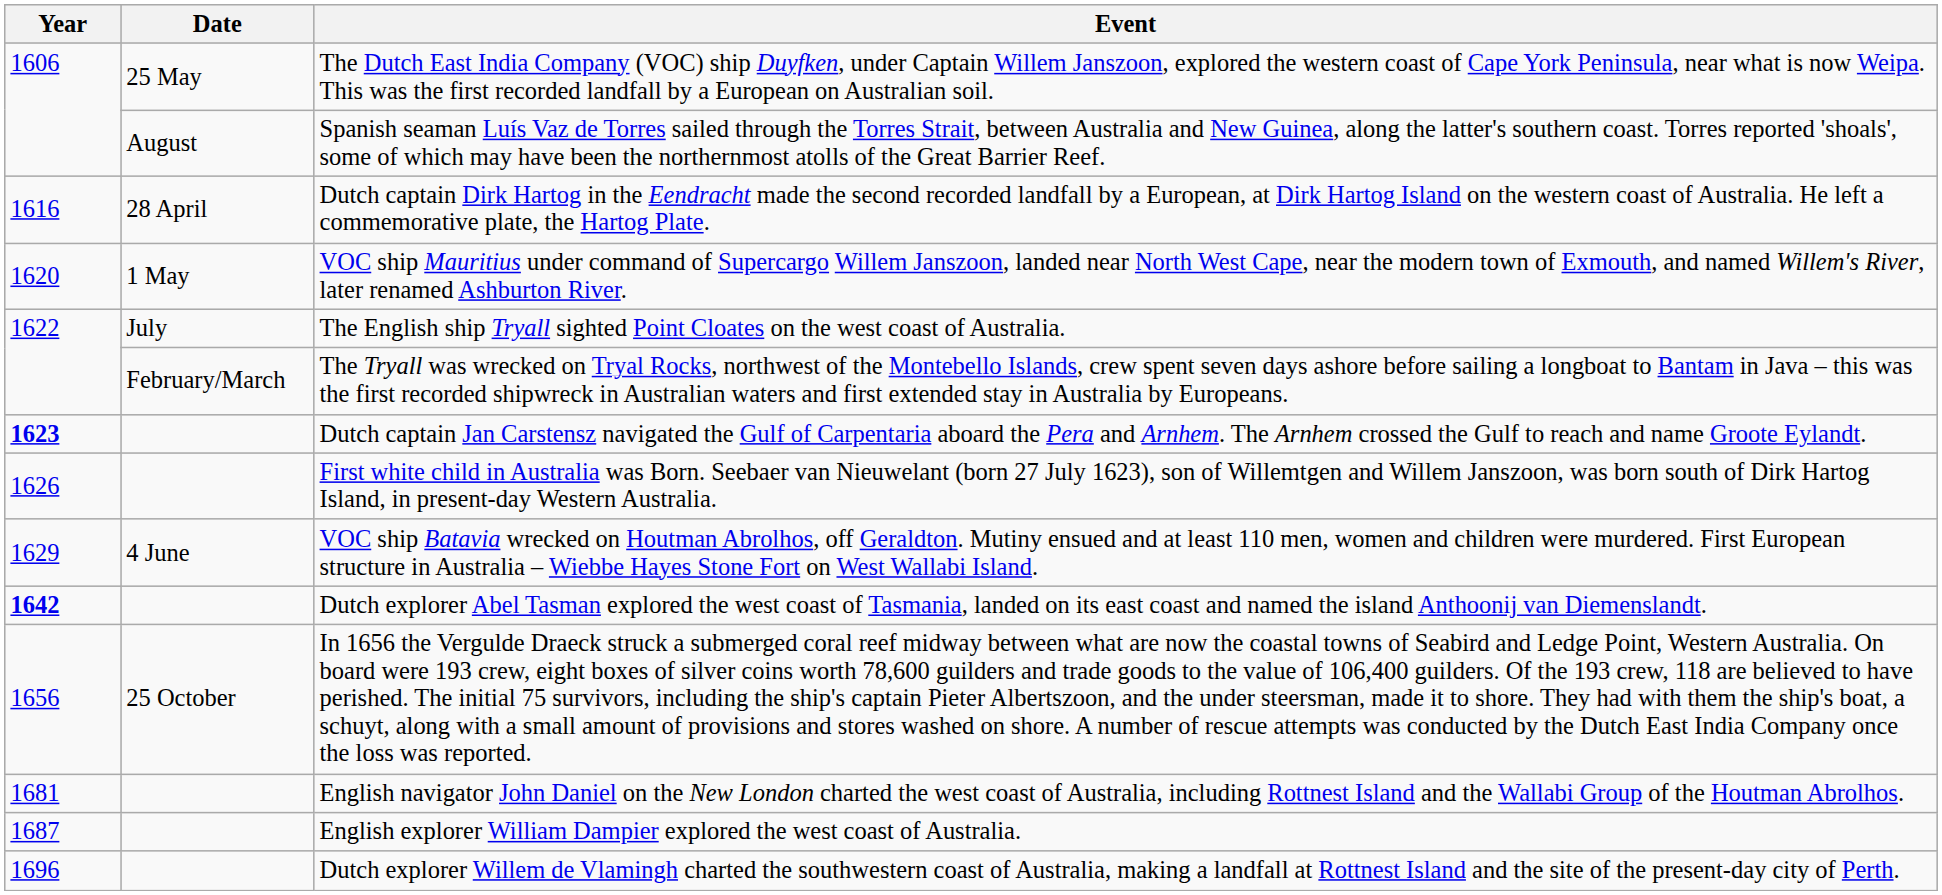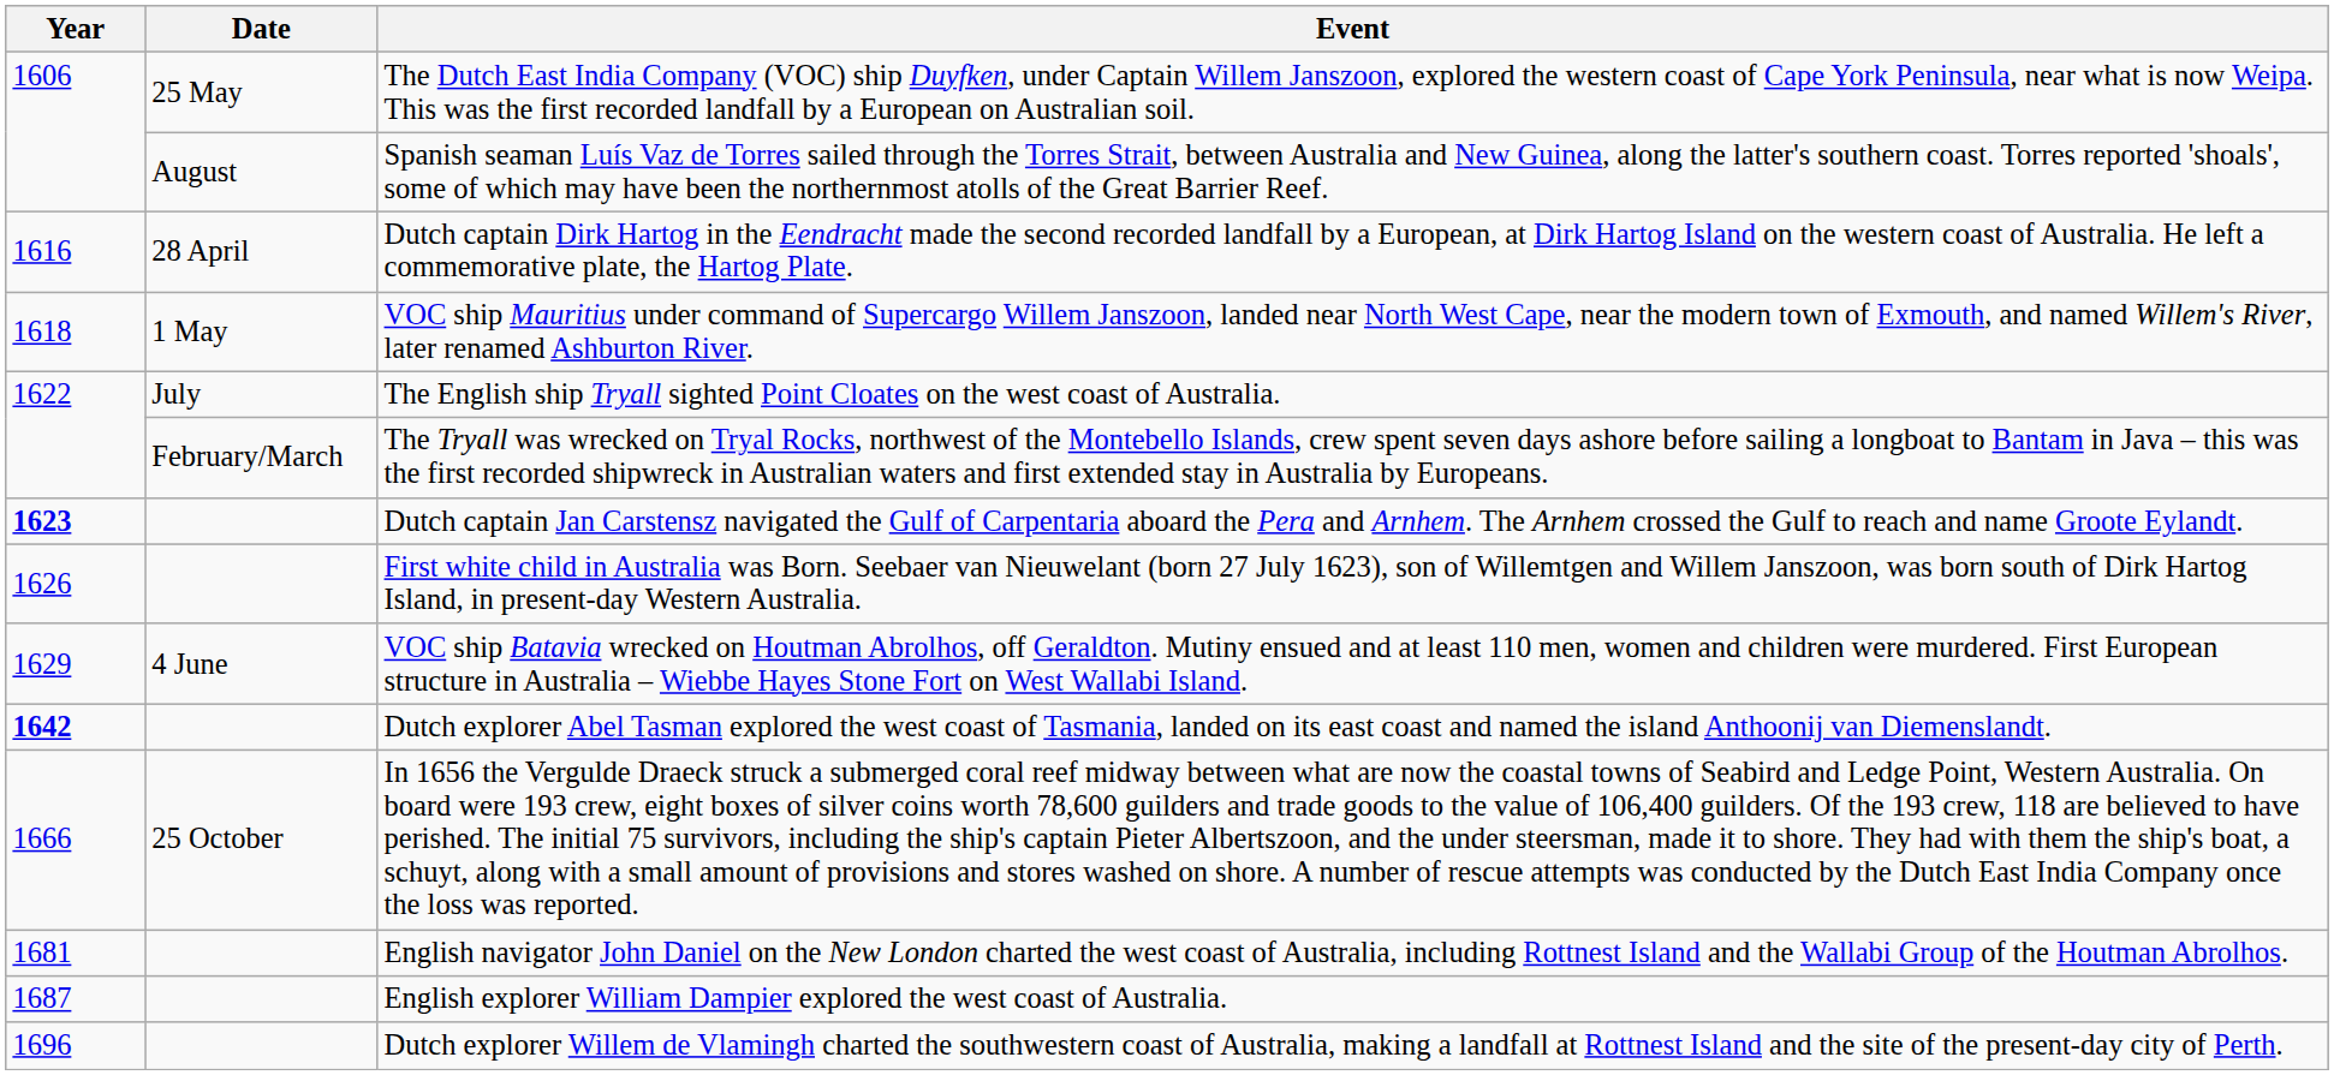 <table class="wikitable" style="width:100%;">
 <tr>
 <th style="width:6%">Year</th>
 <th style="width:10%">Date</th>
 <th>Event</th>
 </tr>
 <tr>
 <td rowspan="2" style="vertical-align:top;"><a href='#'>1606</a></td>
 <td>25 May</td>
 <td>The <a href='#'>Dutch East India Company</a> (VOC) ship <em><a href='#'>Duyfken</a></em>, under Captain <a href='#'>Willem Janszoon</a>, explored the western coast of <a href='#'>Cape York Peninsula</a>, near what is now <a href='#'>Weipa</a>. This was the first recorded landfall by a European on Australian soil.</td>
 </tr>
 <tr>
 <td>August</td>
 <td>Spanish seaman <a href='#'>Luís Vaz de Torres</a> sailed through the <a href='#'>Torres Strait</a>, between Australia and <a href='#'>New Guinea</a>, along the latter's southern coast. Torres reported 'shoals', some of which may have been the northernmost atolls of the Great Barrier Reef.</td>
 </tr>
 <tr>
 <td><a href='#'>1616</a></td>
 <td>28 April</td>
 <td>Dutch captain <a href='#'>Dirk Hartog</a> in the <em><a href='#'>Eendracht</a></em> made the second recorded landfall by a European, at <a href='#'>Dirk Hartog Island</a> on the western coast of Australia. He left a commemorative plate, the <a href='#'>Hartog Plate</a>.</td>
 </tr>
 <tr>
-<td><a href='#'>1620</a></td>
+<td><a href='#'>1618</a></td>
 <td>1 May</td>
 <td><a href='#'>VOC</a> ship <em><a href='#'>Mauritius</a></em> under command of <a href='#'>Supercargo</a> <a href='#'>Willem Janszoon</a>, landed near <a href='#'>North West Cape</a>, near the modern town of <a href='#'>Exmouth</a>, and named <em>Willem's River</em>, later renamed <a href='#'>Ashburton River</a>.</td>
 </tr>
 <tr>
 <td rowspan="2" style="vertical-align:top;"><a href='#'>1622</a></td>
 <td>July</td>
 <td>The English ship <em><a href='#'>Tryall</a></em> sighted <a href='#'>Point Cloates</a> on the west coast of Australia.</td>
 </tr>
 <tr>
 <td>February/March</td>
 <td>The <em>Tryall</em> was wrecked on <a href='#'>Tryal Rocks</a>, northwest of the <a href='#'>Montebello Islands</a>, crew spent seven days ashore before sailing a longboat to <a href='#'>Bantam</a> in Java  – this was the first recorded shipwreck in Australian waters and first extended stay in Australia by Europeans.</td>
 </tr>
 <tr>
 <td><strong><a href='#'>1623</a></strong></td>
 <td></td>
 <td>Dutch captain <a href='#'>Jan Carstensz</a> navigated the <a href='#'>Gulf of Carpentaria</a> aboard the <em><a href='#'>Pera</a></em> and <em><a href='#'>Arnhem</a></em>. The <em>Arnhem</em> crossed the Gulf to reach and name <a href='#'>Groote Eylandt</a>.</td>
 </tr>
 <tr>
 <td><a href='#'>1626</a></td>
 <td></td>
 <td><a href='#'>First white child in Australia</a> was Born. Seebaer van Nieuwelant (born 27 July 1623), son of Willemtgen and Willem Janszoon, was born south of Dirk Hartog Island, in present-day Western Australia.</td>
 </tr>
 <tr>
 <td><a href='#'>1629</a></td>
 <td>4 June</td>
 <td><a href='#'>VOC</a> ship <em><a href='#'>Batavia</a></em> wrecked on <a href='#'>Houtman Abrolhos</a>, off <a href='#'>Geraldton</a>. Mutiny ensued and at least 110 men, women and children were murdered. First European structure in Australia – <a href='#'>Wiebbe Hayes Stone Fort</a> on <a href='#'>West Wallabi Island</a>.</td>
 </tr>
 <tr>
 <td><strong><a href='#'>1642</a></strong></td>
 <td></td>
 <td>Dutch explorer <a href='#'>Abel Tasman</a> explored the west coast of <a href='#'>Tasmania</a>, landed on its east coast and named the island <a href='#'>Anthoonij van Diemenslandt</a>.</td>
 </tr>
 <tr>
-<td><a href='#'>1656</a></td>
+<td><a href='#'>1666</a></td>
 <td>25 October</td>
 <td>In 1656 the Vergulde Draeck struck a submerged coral reef midway between what are now the coastal towns of Seabird and Ledge Point, Western Australia. On board were 193 crew, eight boxes of silver coins worth 78,600 guilders and trade goods to the value of 106,400 guilders. Of the 193 crew, 118 are believed to have perished. The initial 75 survivors, including the ship's captain Pieter Albertszoon, and the under steersman, made it to shore. They had with them the ship's boat, a schuyt, along with a small amount of provisions and stores washed on shore. A number of rescue attempts was conducted by the Dutch East India Company once the loss was reported.</td>
 </tr>
 <tr>
 <td><a href='#'>1681</a></td>
 <td></td>
 <td>English navigator <a href='#'>John Daniel</a> on the <em>New London</em> charted the west coast of Australia, including <a href='#'>Rottnest Island</a> and the <a href='#'>Wallabi Group</a> of the <a href='#'>Houtman Abrolhos</a>.</td>
 </tr>
 <tr>
 <td><a href='#'>1687</a></td>
 <td></td>
 <td>English explorer <a href='#'>William Dampier</a> explored the west coast of Australia.</td>
 </tr>
 <tr>
 <td><a href='#'>1696</a></td>
 <td></td>
 <td>Dutch explorer <a href='#'>Willem de Vlamingh</a> charted the southwestern coast of Australia, making a landfall at <a href='#'>Rottnest Island</a> and the site of the present-day city of <a href='#'>Perth</a>.</td>
 </tr>
 </table>
